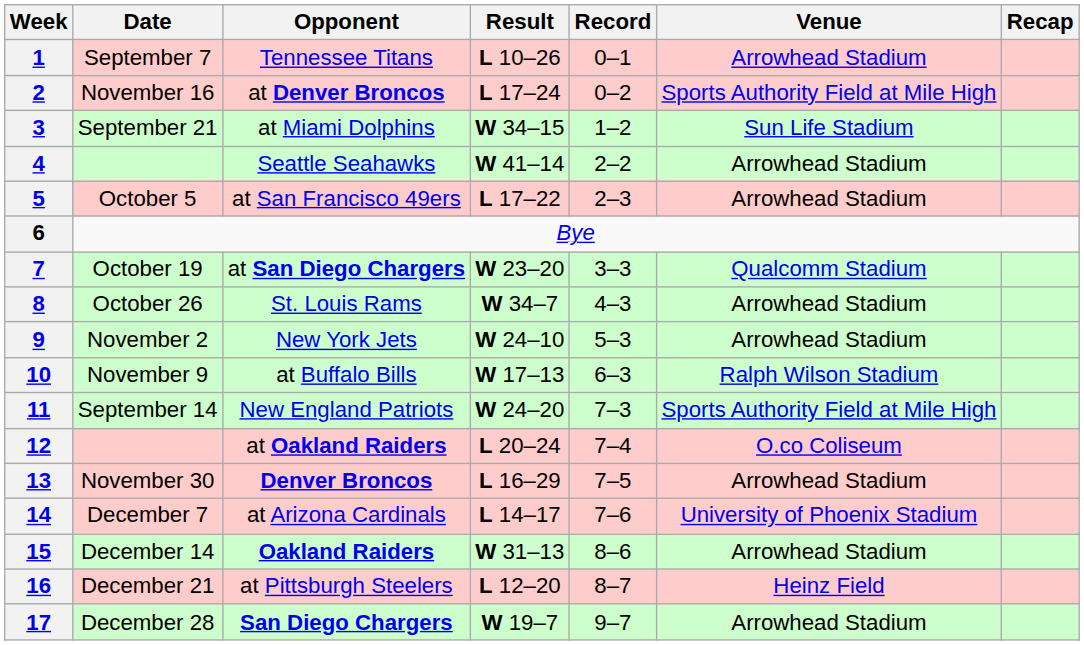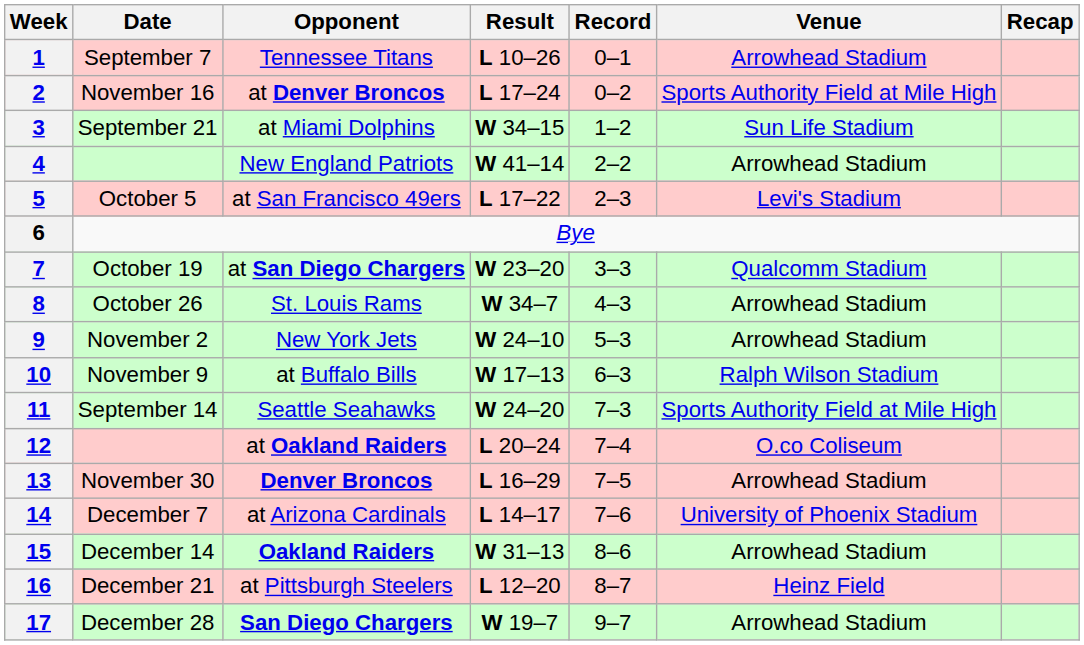 <table class="wikitable" style="text-align:center">
 <tr>
 <th>Week</th>
 <th>Date</th>
 <th>Opponent</th>
 <th>Result</th>
 <th>Record</th>
 <th>Venue</th>
 <th>Recap</th>
 </tr>
 <tr style="background:#fcc">
 <th><a href='#'>1</a></th>
 <td>September 7</td>
 <td><a href='#'>Tennessee Titans</a></td>
 <td><strong>L</strong> 10–26</td>
 <td>0–1</td>
 <td><a href='#'>Arrowhead Stadium</a></td>
 <td></td>
 </tr>
 <tr style="background:#fcc">
 <th><a href='#'>2</a></th>
 <td>November 16</td>
 <td>at <strong><a href='#'>Denver Broncos</a></strong></td>
 <td><strong>L</strong> 17–24</td>
 <td>0–2</td>
 <td><a href='#'>Sports Authority Field at Mile High</a></td>
 <td></td>
 </tr>
 <tr style="background:#cfc">
 <th><a href='#'>3</a></th>
 <td>September 21</td>
 <td>at <a href='#'>Miami Dolphins</a></td>
 <td><strong>W</strong> 34–15</td>
 <td>1–2</td>
 <td><a href='#'>Sun Life Stadium</a></td>
 <td></td>
 </tr>
 <tr style="background:#cfc">
 <th><a href='#'>4</a></th>
 <td></td>
-<td><a href='#'>Seattle Seahawks</a></td>
+<td><a href='#'>New England Patriots</a></td>
 <td><strong>W</strong> 41–14</td>
 <td>2–2</td>
 <td>Arrowhead Stadium</td>
 <td></td>
 </tr>
 <tr style="background:#fcc">
 <th><a href='#'>5</a></th>
 <td>October 5</td>
 <td>at <a href='#'>San Francisco 49ers</a></td>
 <td><strong>L</strong> 17–22</td>
 <td>2–3</td>
-<td>Arrowhead Stadium</td>
+<td><a href='#'>Levi's Stadium</a></td>
 <td></td>
 </tr>
 <tr>
 <th>6</th>
 <td colspan="6"><em><a href='#'>Bye</a></em></td>
 </tr>
 <tr style="background:#cfc">
 <th><a href='#'>7</a></th>
 <td>October 19</td>
 <td>at <strong><a href='#'>San Diego Chargers</a></strong></td>
 <td><strong>W</strong> 23–20</td>
 <td>3–3</td>
 <td><a href='#'>Qualcomm Stadium</a></td>
 <td></td>
 </tr>
 <tr style="background:#cfc">
 <th><a href='#'>8</a></th>
 <td>October 26</td>
 <td><a href='#'>St. Louis Rams</a></td>
 <td><strong>W</strong> 34–7</td>
 <td>4–3</td>
 <td>Arrowhead Stadium</td>
 <td></td>
 </tr>
 <tr style="background:#cfc">
 <th><a href='#'>9</a></th>
 <td>November 2</td>
 <td><a href='#'>New York Jets</a></td>
 <td><strong>W</strong> 24–10</td>
 <td>5–3</td>
 <td>Arrowhead Stadium</td>
 <td></td>
 </tr>
 <tr style="background:#cfc">
 <th><a href='#'>10</a></th>
 <td>November 9</td>
 <td>at <a href='#'>Buffalo Bills</a></td>
 <td><strong>W</strong> 17–13</td>
 <td>6–3</td>
 <td><a href='#'>Ralph Wilson Stadium</a></td>
 <td></td>
 </tr>
 <tr style="background:#cfc">
 <th><a href='#'>11</a></th>
 <td>September 14</td>
-<td><a href='#'>New England Patriots</a></td>
+<td><a href='#'>Seattle Seahawks</a></td>
 <td><strong>W</strong> 24–20</td>
 <td>7–3</td>
 <td><a href='#'>Sports Authority Field at Mile High</a></td>
 <td></td>
 </tr>
 <tr style="background:#fcc">
 <th><a href='#'>12</a></th>
 <td></td>
 <td>at <strong><a href='#'>Oakland Raiders</a></strong></td>
 <td><strong>L</strong> 20–24</td>
 <td>7–4</td>
 <td><a href='#'>O.co Coliseum</a></td>
 <td></td>
 </tr>
 <tr style="background:#fcc">
 <th><a href='#'>13</a></th>
 <td>November 30</td>
 <td><strong><a href='#'>Denver Broncos</a></strong></td>
 <td><strong>L</strong> 16–29</td>
 <td>7–5</td>
 <td>Arrowhead Stadium</td>
 <td></td>
 </tr>
 <tr style="background:#fcc">
 <th><a href='#'>14</a></th>
 <td>December 7</td>
 <td>at <a href='#'>Arizona Cardinals</a></td>
 <td><strong>L</strong> 14–17</td>
 <td>7–6</td>
 <td><a href='#'>University of Phoenix Stadium</a></td>
 <td></td>
 </tr>
 <tr style="background:#cfc">
 <th><a href='#'>15</a></th>
 <td>December 14</td>
 <td><strong><a href='#'>Oakland Raiders</a></strong></td>
 <td><strong>W</strong> 31–13</td>
 <td>8–6</td>
 <td>Arrowhead Stadium</td>
 <td></td>
 </tr>
 <tr style="background:#fcc">
 <th><a href='#'>16</a></th>
 <td>December 21</td>
 <td>at <a href='#'>Pittsburgh Steelers</a></td>
 <td><strong>L</strong> 12–20</td>
 <td>8–7</td>
 <td><a href='#'>Heinz Field</a></td>
 <td></td>
 </tr>
 <tr style="background:#cfc">
 <th><a href='#'>17</a></th>
 <td>December 28</td>
 <td><strong><a href='#'>San Diego Chargers</a></strong></td>
 <td><strong>W</strong> 19–7</td>
 <td>9–7</td>
 <td>Arrowhead Stadium</td>
 <td></td>
 </tr>
 </table>
